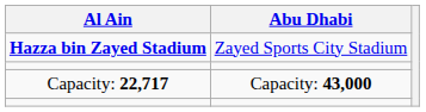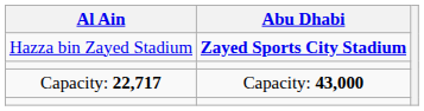 <table class="wikitable" style="text-align:center">
 <tr>
 <th><a href='#'>Al Ain</a></th>
 <th><a href='#'>Abu Dhabi</a></th>
 <th rowspan="5"></th>
 </tr>
 <tr>
-<td><strong><a href='#'>Hazza bin Zayed Stadium</a></strong></td>
-<td><a href='#'>Zayed Sports City Stadium</a></td>
+<td><a href='#'>Hazza bin Zayed Stadium</a></td>
+<td><strong><a href='#'>Zayed Sports City Stadium</a></strong></td>
 </tr>
 <tr>
 <td><small></small></td>
 <td><small></small></td>
 </tr>
 <tr>
 <td>Capacity: <strong>22,717</strong></td>
 <td>Capacity: <strong>43,000</strong></td>
 </tr>
 <tr>
 <td></td>
 <td></td>
 </tr>
 </table>
